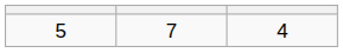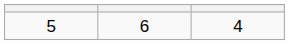 <table class="wikitable" width=30% style="font-size:100%; text-align:center;">
 <tr>
 <th></th>
 <th></th>
 <th></th>
 </tr>
 <tr>
 <td>5</td>
-<td>7</td>
+<td>6</td>
 <td>4</td>
 </tr>
 </table>
